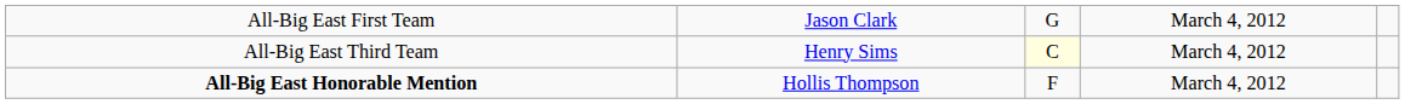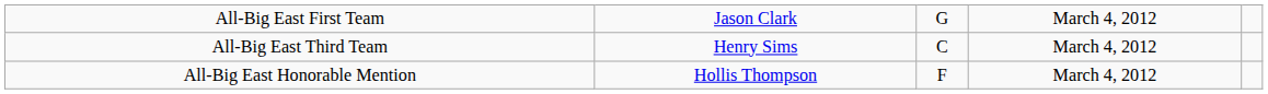 <table class="wikitable" style="width: 90%;text-align: center;">
 <tr align="center">
 <td rowspan="1">All-Big East First Team</td>
 <td><a href='#'>Jason Clark</a></td>
 <td>G</td>
 <td>March 4, 2012</td>
 <td></td>
 </tr>
 <tr align="center">
 <td rowspan="1">All-Big East Third Team</td>
 <td><a href='#'>Henry Sims</a></td>
-<td style="background: lightyellow;">C</td>
+<td>C</td>
 <td>March 4, 2012</td>
 <td></td>
 </tr>
 <tr align="center">
-<td rowspan="1"><strong>All-Big East Honorable Mention</strong></td>
+<td rowspan="1">All-Big East Honorable Mention</td>
 <td><a href='#'>Hollis Thompson</a></td>
 <td>F</td>
 <td>March 4, 2012</td>
 <td></td>
 </tr>
 </table>
